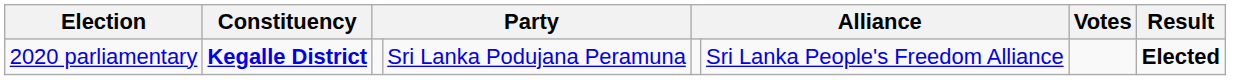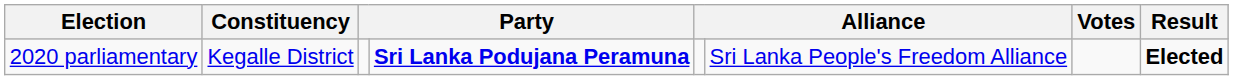 <table class="wikitable" style="text-align:left;">
 <tr>
 <th scope=col>Election</th>
 <th scope=col>Constituency</th>
 <th scope=col colspan="2">Party</th>
 <th scope=col colspan="2">Alliance</th>
 <th scope=col>Votes</th>
 <th scope=col>Result</th>
 </tr>
 <tr>
 <td><a href='#'>2020 parliamentary</a></td>
-<td><strong><a href='#'>Kegalle District</a></strong></td>
+<td><a href='#'>Kegalle District</a></td>
 <td style="background:"></td>
-<td><a href='#'>Sri Lanka Podujana Peramuna</a></td>
+<td><strong><a href='#'>Sri Lanka Podujana Peramuna</a></strong></td>
 <td style="background:"></td>
 <td><a href='#'>Sri Lanka People's Freedom Alliance</a></td>
 <td align=right></td>
 <td><strong>Elected</strong></td>
 </tr>
 </table>
